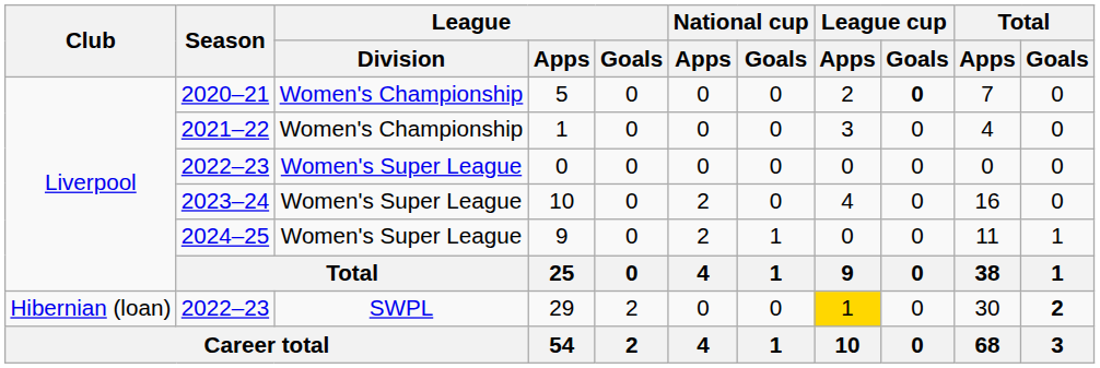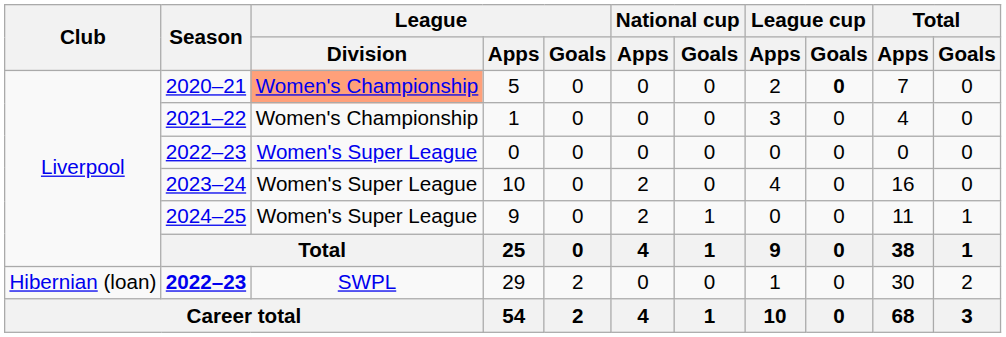 <table class="wikitable" style="text-align:center">
 <tr>
 <th rowspan="2">Club</th>
 <th rowspan="2">Season</th>
 <th colspan="3">League</th>
 <th colspan="2">National cup</th>
 <th colspan="2">League cup</th>
 <th colspan="2">Total</th>
 </tr>
 <tr>
 <th>Division</th>
 <th>Apps</th>
 <th>Goals</th>
 <th>Apps</th>
 <th>Goals</th>
 <th>Apps</th>
 <th>Goals</th>
 <th>Apps</th>
 <th>Goals</th>
 </tr>
 <tr>
 <td rowspan="6"><a href='#'>Liverpool</a></td>
 <td><a href='#'>2020–21</a></td>
-<td><a href='#'>Women's Championship</a></td>
+<td style="background: lightsalmon;"><a href='#'>Women's Championship</a></td>
 <td>5</td>
 <td>0</td>
 <td>0</td>
 <td>0</td>
 <td>2</td>
 <td><strong>0</strong></td>
 <td>7</td>
 <td>0</td>
 </tr>
 <tr>
 <td><a href='#'>2021–22</a></td>
 <td>Women's Championship</td>
 <td>1</td>
 <td>0</td>
 <td>0</td>
 <td>0</td>
 <td>3</td>
 <td>0</td>
 <td>4</td>
 <td>0</td>
 </tr>
 <tr>
 <td><a href='#'>2022–23</a></td>
 <td><a href='#'>Women's Super League</a></td>
 <td>0</td>
 <td>0</td>
 <td>0</td>
 <td>0</td>
 <td>0</td>
 <td>0</td>
 <td>0</td>
 <td>0</td>
 </tr>
 <tr>
 <td><a href='#'>2023–24</a></td>
 <td>Women's Super League</td>
 <td>10</td>
 <td>0</td>
 <td>2</td>
 <td>0</td>
 <td>4</td>
 <td>0</td>
 <td>16</td>
 <td>0</td>
 </tr>
 <tr>
 <td><a href='#'>2024–25</a></td>
 <td>Women's Super League</td>
 <td>9</td>
 <td>0</td>
 <td>2</td>
 <td>1</td>
 <td>0</td>
 <td>0</td>
 <td>11</td>
 <td>1</td>
 </tr>
 <tr>
 <th colspan="2">Total</th>
 <th>25</th>
 <th>0</th>
 <th>4</th>
 <th>1</th>
 <th>9</th>
 <th>0</th>
 <th>38</th>
 <th>1</th>
 </tr>
 <tr>
 <td><a href='#'>Hibernian</a> (loan)</td>
-<td><a href='#'>2022–23</a></td>
+<td><strong><a href='#'>2022–23</a></strong></td>
 <td><a href='#'>SWPL</a></td>
 <td>29</td>
 <td>2</td>
 <td>0</td>
 <td>0</td>
-<td style="background: gold;">1</td>
+<td>1</td>
 <td>0</td>
 <td>30</td>
-<td><strong>2</strong></td>
+<td>2</td>
 </tr>
 <tr>
 <th colspan="3">Career total</th>
 <th>54</th>
 <th>2</th>
 <th>4</th>
 <th>1</th>
 <th>10</th>
 <th>0</th>
 <th>68</th>
 <th>3</th>
 </tr>
 </table>
